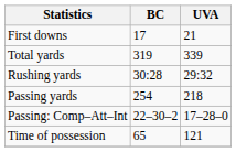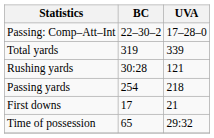 <table class="wikitable" style="float: left;">
 <tr>
 <th>Statistics</th>
 <th>BC</th>
 <th>UVA</th>
 </tr>
 <tr>
-<td>First downs</td>
-<td>17</td>
-<td>21</td>
+<td>Passing: Comp–Att–Int</td>
+<td>22–30–2</td>
+<td>17–28–0</td>
 </tr>
 <tr>
 <td>Total yards</td>
 <td>319</td>
 <td>339</td>
 </tr>
 <tr>
 <td>Rushing yards</td>
 <td>30:28</td>
-<td>29:32</td>
+<td>121</td>
 </tr>
 <tr>
 <td>Passing yards</td>
 <td>254</td>
 <td>218</td>
 </tr>
 <tr>
-<td>Passing: Comp–Att–Int</td>
-<td>22–30–2</td>
-<td>17–28–0</td>
+<td>First downs</td>
+<td>17</td>
+<td>21</td>
 </tr>
 <tr>
 <td>Time of possession</td>
 <td>65</td>
-<td>121</td>
+<td>29:32</td>
 </tr>
 <tr>
 </tr>
 </table>
